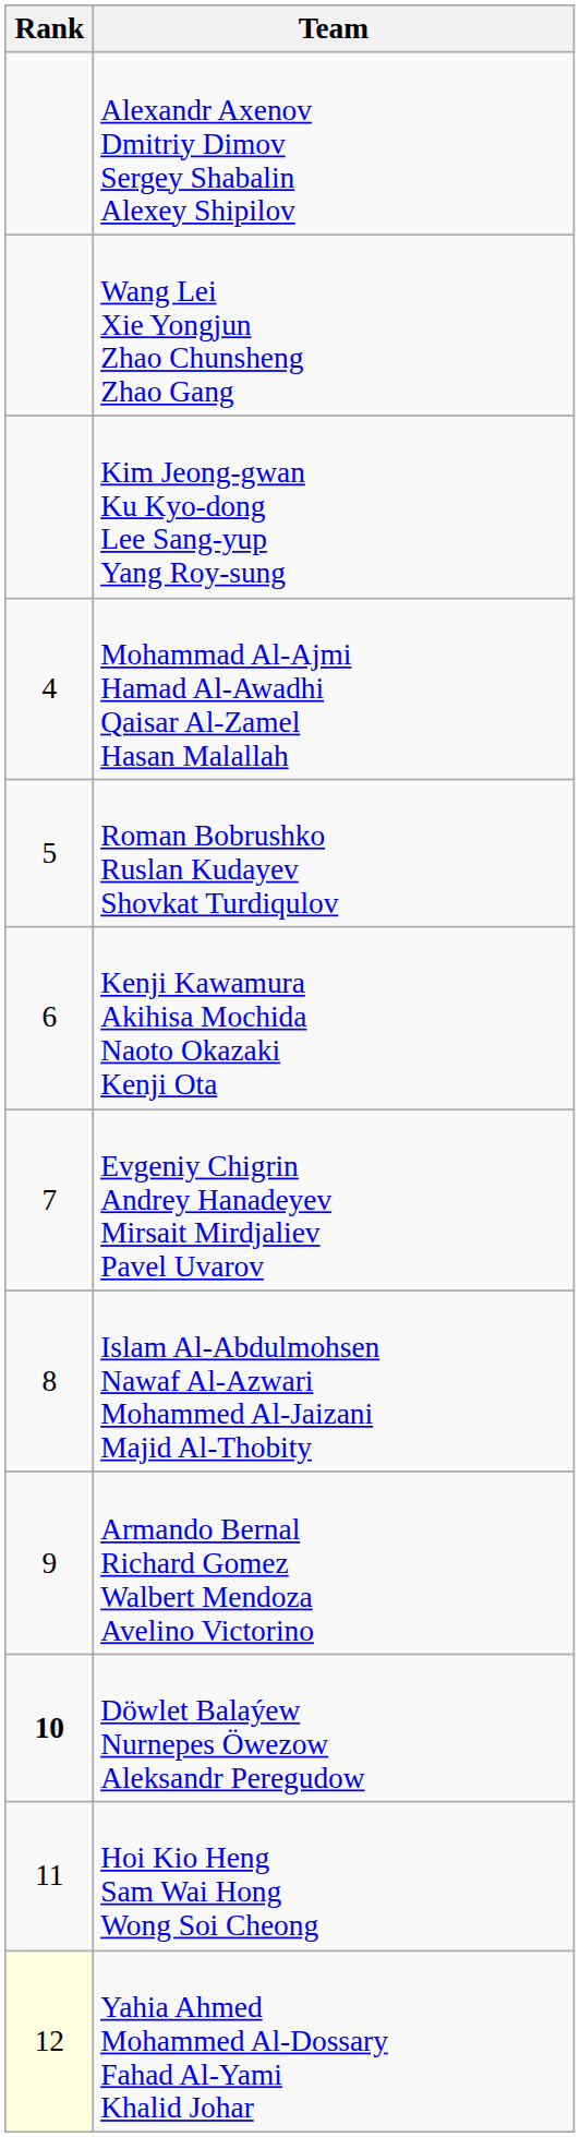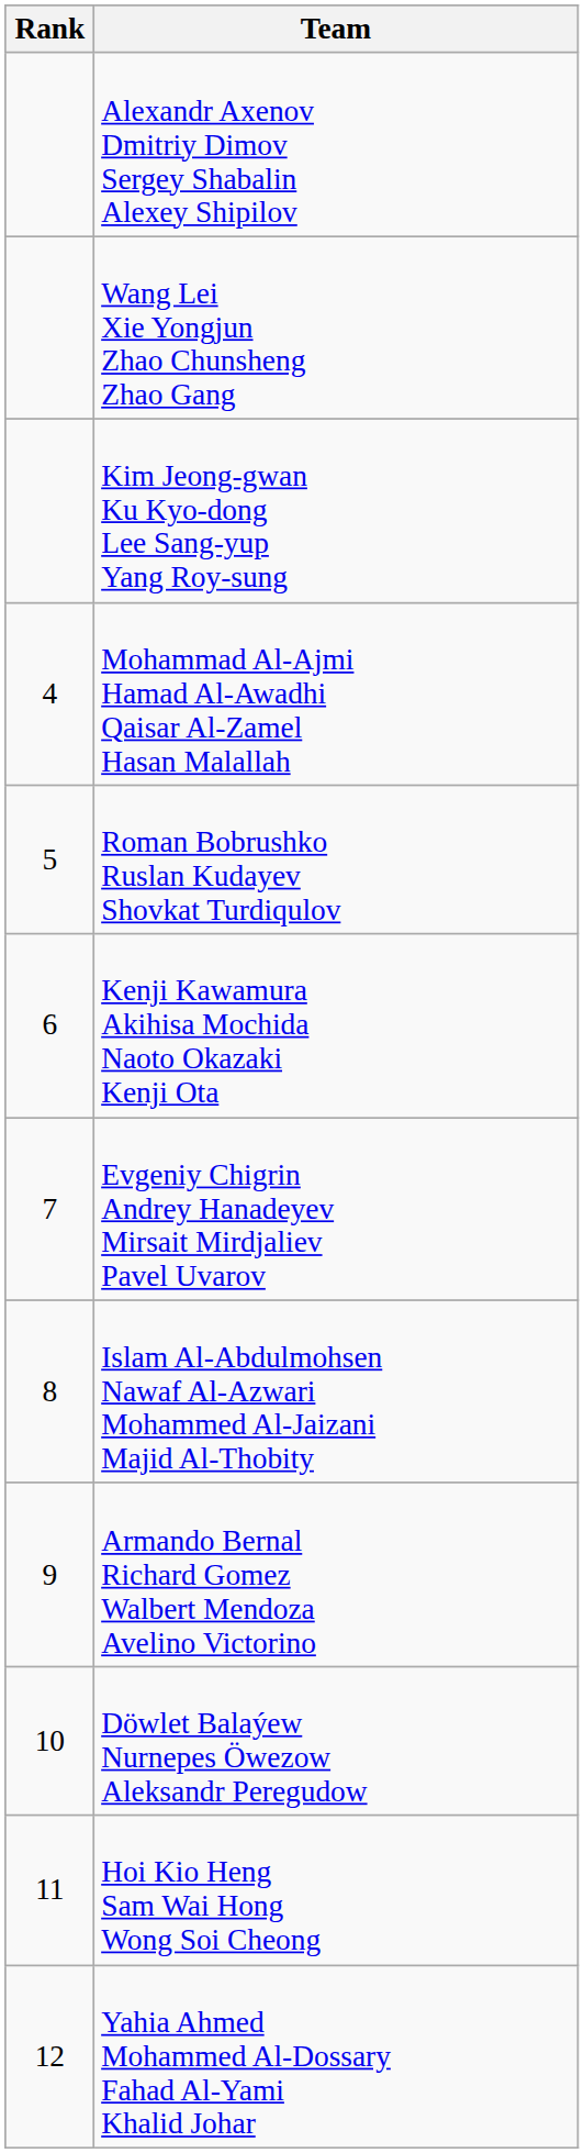 <table class="wikitable" style="text-align: center;">
 <tr>
 <th width=40>Rank</th>
 <th width=250>Team</th>
 </tr>
 <tr>
 <td></td>
 <td align=left><br><a href='#'>Alexandr Axenov</a><br><a href='#'>Dmitriy Dimov</a><br><a href='#'>Sergey Shabalin</a><br><a href='#'>Alexey Shipilov</a></td>
 </tr>
 <tr>
 <td></td>
 <td align=left><br><a href='#'>Wang Lei</a><br><a href='#'>Xie Yongjun</a><br><a href='#'>Zhao Chunsheng</a><br><a href='#'>Zhao Gang</a></td>
 </tr>
 <tr>
 <td></td>
 <td align=left><br><a href='#'>Kim Jeong-gwan</a><br><a href='#'>Ku Kyo-dong</a><br><a href='#'>Lee Sang-yup</a><br><a href='#'>Yang Roy-sung</a></td>
 </tr>
 <tr>
 <td>4</td>
 <td align=left><br><a href='#'>Mohammad Al-Ajmi</a><br><a href='#'>Hamad Al-Awadhi</a><br><a href='#'>Qaisar Al-Zamel</a><br><a href='#'>Hasan Malallah</a></td>
 </tr>
 <tr>
 <td>5</td>
 <td align=left><br><a href='#'>Roman Bobrushko</a><br><a href='#'>Ruslan Kudayev</a><br><a href='#'>Shovkat Turdiqulov</a></td>
 </tr>
 <tr>
 <td>6</td>
 <td align=left><br><a href='#'>Kenji Kawamura</a><br><a href='#'>Akihisa Mochida</a><br><a href='#'>Naoto Okazaki</a><br><a href='#'>Kenji Ota</a></td>
 </tr>
 <tr>
 <td>7</td>
 <td align=left><br><a href='#'>Evgeniy Chigrin</a><br><a href='#'>Andrey Hanadeyev</a><br><a href='#'>Mirsait Mirdjaliev</a><br><a href='#'>Pavel Uvarov</a></td>
 </tr>
 <tr>
 <td>8</td>
 <td align=left><br><a href='#'>Islam Al-Abdulmohsen</a><br><a href='#'>Nawaf Al-Azwari</a><br><a href='#'>Mohammed Al-Jaizani</a><br><a href='#'>Majid Al-Thobity</a></td>
 </tr>
 <tr>
 <td>9</td>
 <td align=left><br><a href='#'>Armando Bernal</a><br><a href='#'>Richard Gomez</a><br><a href='#'>Walbert Mendoza</a><br><a href='#'>Avelino Victorino</a></td>
 </tr>
 <tr>
-<td><strong>10</strong></td>
+<td>10</td>
 <td align=left><br><a href='#'>Döwlet Balaýew</a><br><a href='#'>Nurnepes Öwezow</a><br><a href='#'>Aleksandr Peregudow</a></td>
 </tr>
 <tr>
 <td>11</td>
 <td align=left><br><a href='#'>Hoi Kio Heng</a><br><a href='#'>Sam Wai Hong</a><br><a href='#'>Wong Soi Cheong</a></td>
 </tr>
 <tr>
-<td style="background: lightyellow;">12</td>
+<td>12</td>
 <td align=left><br><a href='#'>Yahia Ahmed</a><br><a href='#'>Mohammed Al-Dossary</a><br><a href='#'>Fahad Al-Yami</a><br><a href='#'>Khalid Johar</a></td>
 </tr>
 </table>
